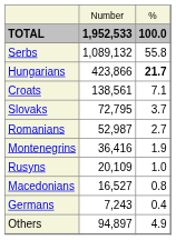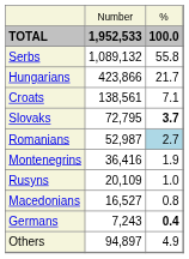 <table border=1 cellpadding=4 cellspacing=0 class="toccolours" style="align: left; margin: 0.5em 0 0 0; border-style: solid; border: 1px solid #7f7f7f; border-right-width: 2px; border-bottom-width: 2px; border-collapse: collapse; font-size: 95%;">
 <tr>
 <td style="background:#F5F5DC;"></td>
 <td style="background:#F5F5DC;" align="center"><small>Number</small></td>
 <td style="background:#F5F5DC;" align="center"><small>%</small></td>
 </tr>
 <tr>
 <td style="background:#c1c1c1;"><strong>TOTAL</strong></td>
 <td colspan=1 style="background:#c1c1c1;" align="center"><strong>1,952,533</strong></td>
 <td colspan=1 style="background:#c1c1c1;" align="center"><strong>100.0</strong></td>
 </tr>
 <tr>
 <td style="background:#F5F5DC;"><a href='#'>Serbs</a></td>
 <td align="right">1,089,132</td>
 <td align="right">55.8</td>
 </tr>
 <tr>
 <td style="background:#F5F5DC;"><a href='#'>Hungarians</a></td>
 <td align="right">423,866</td>
-<td align="right"><strong>21.7</strong></td>
+<td align="right">21.7</td>
 </tr>
 <tr>
 <td style="background:#F5F5DC;"><a href='#'>Croats</a></td>
 <td align="right">138,561</td>
 <td align="right">7.1</td>
 </tr>
 <tr>
 <td style="background:#F5F5DC;"><a href='#'>Slovaks</a></td>
 <td align="right">72,795</td>
-<td align="right">3.7</td>
+<td align="right"><strong>3.7</strong></td>
 </tr>
 <tr>
 <td style="background:#F5F5DC;"><a href='#'>Romanians</a></td>
 <td align="right">52,987</td>
-<td align="right">2.7</td>
+<td align="right" style="background: lightblue;">2.7</td>
 </tr>
 <tr>
 <td style="background:#F5F5DC;"><a href='#'>Montenegrins</a></td>
 <td align="right">36,416</td>
 <td align="right">1.9</td>
 </tr>
 <tr>
 <td style="background:#F5F5DC;"><a href='#'>Rusyns</a></td>
 <td align="right">20,109</td>
 <td align="right">1.0</td>
 </tr>
 <tr>
 <td style="background:#F5F5DC;"><a href='#'>Macedonians</a></td>
 <td align="right">16,527</td>
 <td align="right">0.8</td>
 </tr>
 <tr>
 <td style="background:#F5F5DC;"><a href='#'>Germans</a></td>
 <td align="right">7,243</td>
-<td align="right">0.4</td>
+<td align="right"><strong>0.4</strong></td>
 </tr>
 <tr>
 <td style="background:#F5F5DC;">Others</td>
 <td align="right">94,897</td>
 <td align="right">4.9</td>
 </tr>
 </table>
